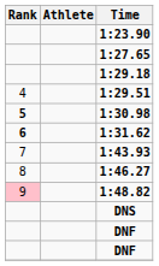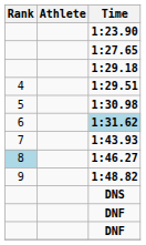 <table class=wikitable style="text-align:center;">
 <tr>
 <th>Rank</th>
 <th>Athlete</th>
 <th>Time</th>
 </tr>
 <tr>
 <td></td>
 <td align=left></td>
 <td><strong>1:23.90</strong></td>
 </tr>
 <tr>
 <td></td>
 <td align=left></td>
 <td><strong>1:27.65</strong></td>
 </tr>
 <tr>
 <td></td>
 <td align=left></td>
 <td><strong>1:29.18</strong></td>
 </tr>
 <tr>
 <td>4</td>
 <td align=left></td>
 <td><strong>1:29.51</strong></td>
 </tr>
 <tr>
-<td><strong>5</strong></td>
+<td>5</td>
 <td align=left></td>
 <td><strong>1:30.98</strong></td>
 </tr>
 <tr>
-<td><strong>6</strong></td>
+<td>6</td>
 <td align=left></td>
-<td><strong>1:31.62</strong></td>
+<td style="background: lightblue;"><strong>1:31.62</strong></td>
 </tr>
 <tr>
 <td>7</td>
 <td align=left></td>
 <td><strong>1:43.93</strong></td>
 </tr>
 <tr>
-<td>8</td>
+<td style="background: lightblue;">8</td>
 <td align=left></td>
 <td><strong>1:46.27</strong></td>
 </tr>
 <tr>
-<td style="background: pink;">9</td>
+<td>9</td>
 <td align=left></td>
 <td><strong>1:48.82</strong></td>
 </tr>
 <tr>
 <td></td>
 <td align=left></td>
 <td><strong>DNS</strong></td>
 </tr>
 <tr>
 <td></td>
 <td align=left></td>
 <td><strong>DNF</strong></td>
 </tr>
 <tr>
 <td></td>
 <td align=left></td>
 <td><strong>DNF</strong></td>
 </tr>
 <tr>
 </tr>
 </table>
